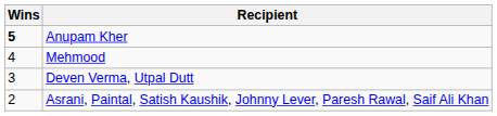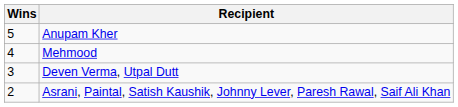 <table class="wikitable">
 <tr>
 <th>Wins</th>
 <th>Recipient</th>
 </tr>
 <tr>
-<td><strong>5</strong></td>
+<td>5</td>
 <td><a href='#'>Anupam Kher</a></td>
 </tr>
 <tr>
 <td>4</td>
 <td><a href='#'>Mehmood</a></td>
 </tr>
 <tr>
 <td>3</td>
 <td><a href='#'>Deven Verma</a>, <a href='#'>Utpal Dutt</a></td>
 </tr>
 <tr>
 <td>2</td>
 <td><a href='#'>Asrani</a>, <a href='#'>Paintal</a>, <a href='#'>Satish Kaushik</a>, <a href='#'>Johnny Lever</a>, <a href='#'>Paresh Rawal</a>, <a href='#'>Saif Ali Khan</a></td>
 </tr>
 </table>
